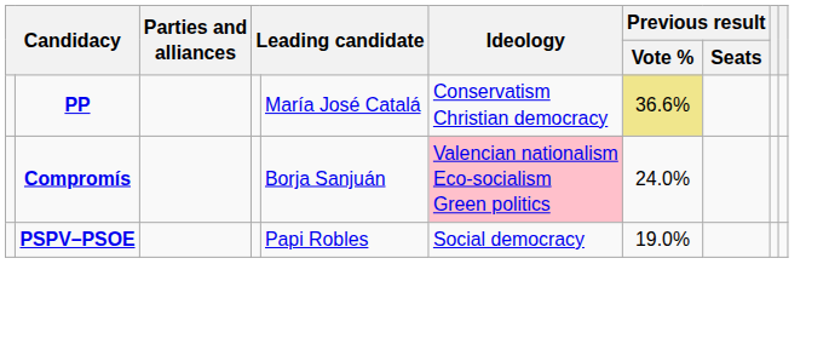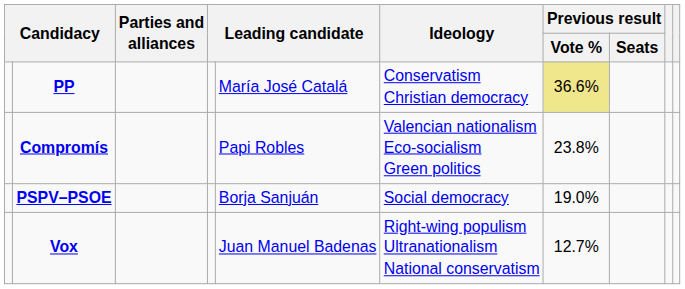 <table class="wikitable" style="line-height:1.35em; text-align:left;">
 <tr>
 <th colspan="2" rowspan="2">Candidacy</th>
 <th rowspan="2">Parties and<br>alliances</th>
 <th colspan="2" rowspan="2">Leading candidate</th>
 <th rowspan="2">Ideology</th>
 <th colspan="2">Previous result</th>
 <th rowspan="2"></th>
 <th rowspan="2"></th>
 </tr>
 <tr>
 <th>Vote %</th>
 <th>Seats</th>
 </tr>
 <tr>
 <td width="1" style="color:inherit;background:"></td>
 <td align="center"><strong><a href='#'>PP</a></strong></td>
 <td></td>
 <td></td>
 <td><a href='#'>María José Catalá</a></td>
 <td><a href='#'>Conservatism</a><br><a href='#'>Christian democracy</a></td>
 <td align="center" style="background: khaki;">36.6%</td>
 <td></td>
 <td></td>
 <td></td>
 </tr>
 <tr>
 <td style="color:inherit;background:"></td>
 <td align="center"><strong><a href='#'>Compromís</a></strong></td>
 <td></td>
 <td></td>
-<td><a href='#'>Borja Sanjuán</a></td>
-<td style="background: pink;"><a href='#'>Valencian nationalism</a><br><a href='#'>Eco-socialism</a><br><a href='#'>Green politics</a></td>
-<td align="center">24.0%</td>
+<td><a href='#'>Papi Robles</a></td>
+<td><a href='#'>Valencian nationalism</a><br><a href='#'>Eco-socialism</a><br><a href='#'>Green politics</a></td>
+<td align="center">23.8%</td>
 <td></td>
 <td></td>
 <td><br></td>
 </tr>
 <tr>
 <td style="color:inherit;background:"></td>
 <td align="center"><strong><a href='#'>PSPV–PSOE</a></strong></td>
 <td></td>
 <td></td>
-<td><a href='#'>Papi Robles</a></td>
+<td><a href='#'>Borja Sanjuán</a></td>
 <td><a href='#'>Social democracy</a></td>
 <td align="center">19.0%</td>
 <td></td>
 <td></td>
 <td></td>
 </tr>
+<tr>
+<td style="color:inherit;background:"></td>
+<td align="center"><strong><a href='#'>Vox</a></strong></td>
+<td></td>
+<td></td>
+<td><a href='#'>Juan Manuel Badenas</a></td>
+<td><a href='#'>Right-wing populism</a><br><a href='#'>Ultranationalism</a><br><a href='#'>National conservatism</a></td>
+<td align="center">12.7%</td>
+<td></td>
+<td></td>
+<td></td>
+</tr>
 </table>
